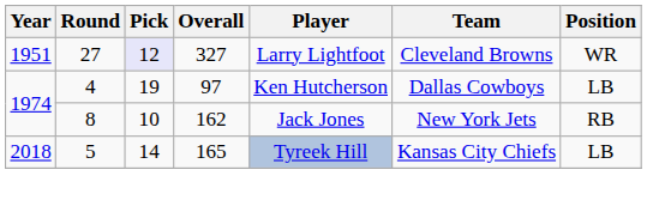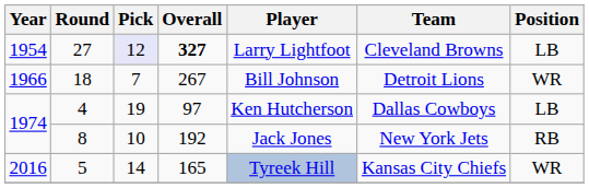 <table class="wikitable sortable" style="text-align: center;">
 <tr>
 <th>Year</th>
 <th>Round</th>
 <th>Pick</th>
 <th>Overall</th>
 <th>Player</th>
 <th>Team</th>
 <th>Position</th>
 </tr>
 <tr>
-<td><a href='#'>1951</a></td>
+<td><a href='#'>1954</a></td>
 <td>27</td>
 <td style="background: lavender;">12</td>
-<td>327</td>
+<td><strong>327</strong></td>
 <td><a href='#'>Larry Lightfoot</a></td>
 <td><a href='#'>Cleveland Browns</a></td>
+<td>LB</td>
+</tr>
+<tr>
+<td><a href='#'>1966</a></td>
+<td>18</td>
+<td>7</td>
+<td>267</td>
+<td><a href='#'>Bill Johnson</a></td>
+<td><a href='#'>Detroit Lions</a></td>
 <td>WR</td>
 </tr>
 <tr>
 <td rowspan=2><a href='#'>1974</a></td>
 <td>4</td>
 <td>19</td>
 <td>97</td>
 <td><a href='#'>Ken Hutcherson</a></td>
 <td><a href='#'>Dallas Cowboys</a></td>
 <td>LB</td>
 </tr>
 <tr>
 <td>8</td>
 <td>10</td>
-<td>162</td>
+<td>192</td>
 <td><a href='#'>Jack Jones</a></td>
 <td><a href='#'>New York Jets</a></td>
 <td>RB</td>
 </tr>
 <tr>
-<td><a href='#'>2018</a></td>
+<td><a href='#'>2016</a></td>
 <td>5</td>
 <td>14</td>
 <td>165</td>
 <td style="background-color:lightsteelblue;"><a href='#'>Tyreek Hill</a></td>
 <td><a href='#'>Kansas City Chiefs</a></td>
-<td>LB</td>
+<td>WR</td>
 </tr>
 <tr>
 </tr>
 </table>
